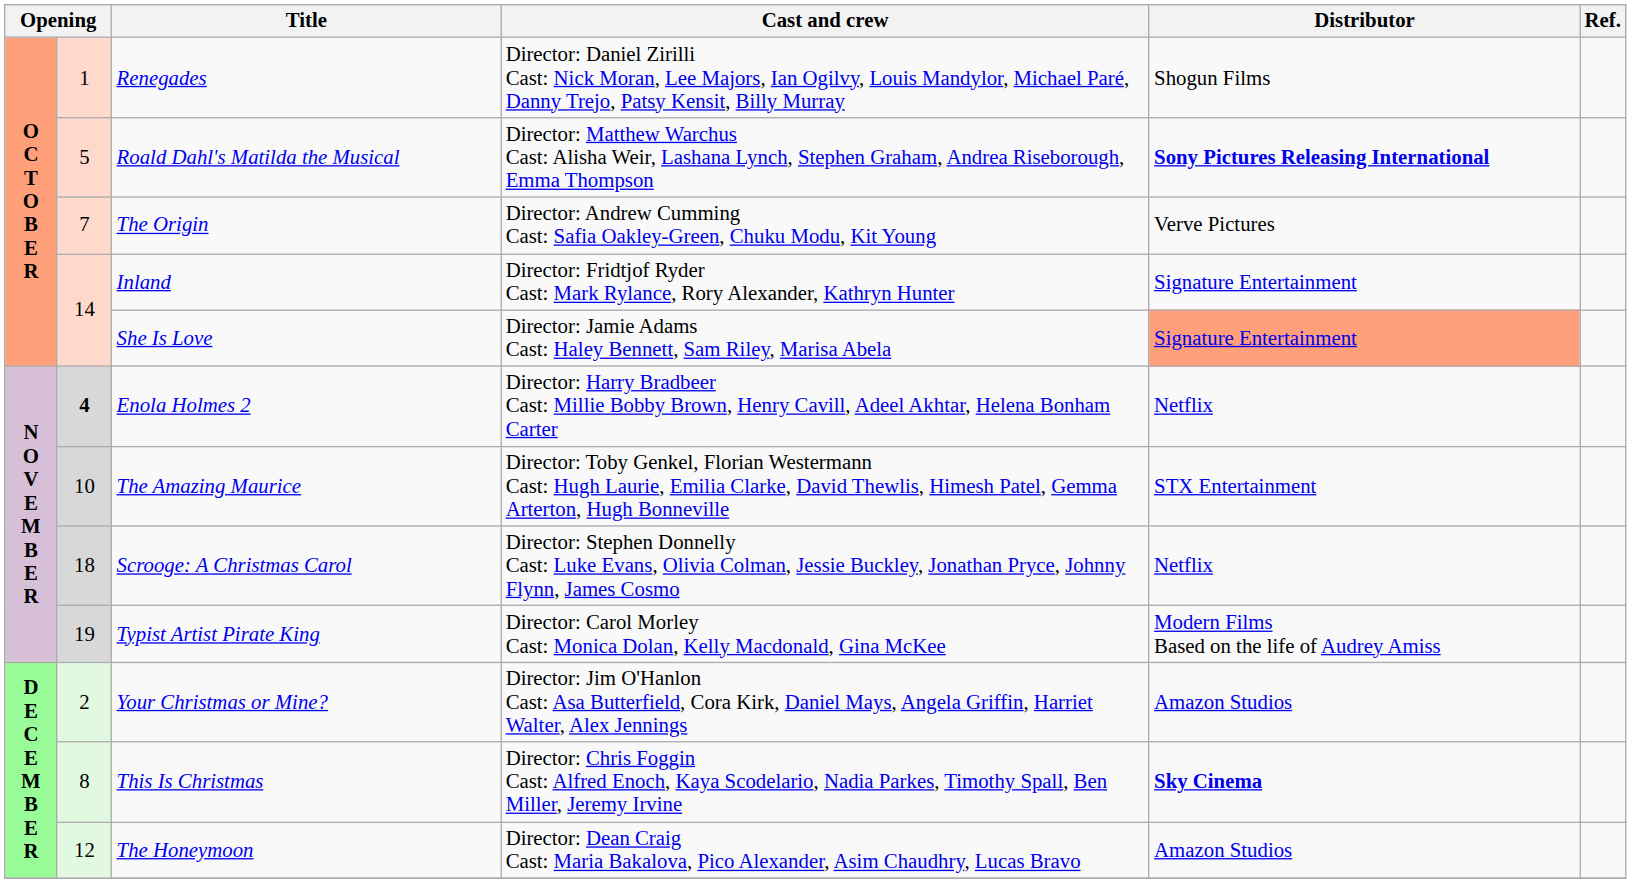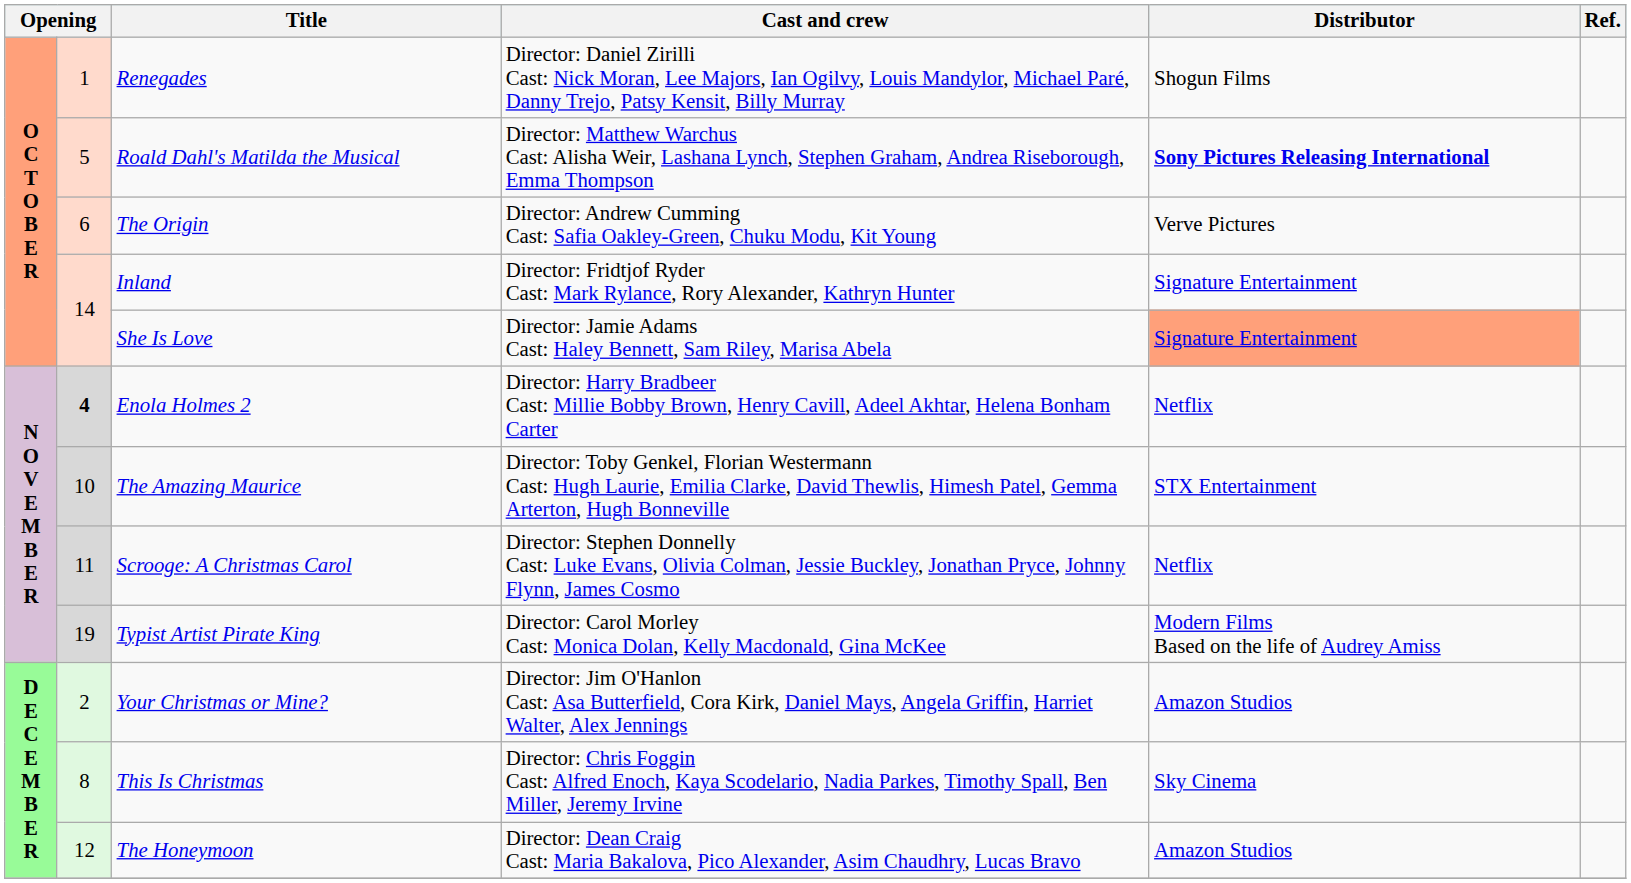 <table class="wikitable">
 <tr style="background:#b0e0e6; text-align:center;">
 <th colspan="2">Opening</th>
 <th style="width:24%;">Title</th>
 <th style="width:40%;">Cast and crew</th>
 <th>Distributor</th>
 <th style="width:2%;">Ref.</th>
 </tr>
 <tr>
 <th rowspan="5" style="text-align:center; background:#ffa07a; textcolor:#000;">O<br>C<br>T<br>O<br>B<br>E<br>R</th>
 <td rowspan="1" style="text-align:center; background:#ffdacc;">1</td>
 <td><em><a href='#'>Renegades</a></em></td>
 <td>Director: Daniel Zirilli <br> Cast: <a href='#'>Nick Moran</a>, <a href='#'>Lee Majors</a>, <a href='#'>Ian Ogilvy</a>, <a href='#'>Louis Mandylor</a>, <a href='#'>Michael Paré</a>, <a href='#'>Danny Trejo</a>, <a href='#'>Patsy Kensit</a>, <a href='#'>Billy Murray</a></td>
 <td>Shogun Films</td>
 <td style="text-align:center"></td>
 </tr>
 <tr>
 <td rowspan="1" style="text-align:center; background:#ffdacc;">5</td>
 <td><em><a href='#'>Roald Dahl's Matilda the Musical</a></em></td>
 <td>Director: <a href='#'>Matthew Warchus</a> <br> Cast: Alisha Weir, <a href='#'>Lashana Lynch</a>, <a href='#'>Stephen Graham</a>, <a href='#'>Andrea Riseborough</a>, <a href='#'>Emma Thompson</a></td>
 <td><strong><a href='#'>Sony Pictures Releasing International</a></strong></td>
 <td></td>
 </tr>
 <tr>
-<td rowspan="1" style="text-align:center; background:#ffdacc;">7</td>
+<td rowspan="1" style="text-align:center; background:#ffdacc;">6</td>
 <td><em><a href='#'>The Origin</a></em></td>
 <td>Director: Andrew Cumming <br> Cast: <a href='#'>Safia Oakley-Green</a>, <a href='#'>Chuku Modu</a>, <a href='#'>Kit Young</a></td>
 <td>Verve Pictures</td>
 <td></td>
 </tr>
 <tr>
 <td rowspan="2" style="text-align:center; background:#ffdacc;">14</td>
 <td><em><a href='#'>Inland</a></em></td>
 <td>Director: Fridtjof Ryder <br> Cast: <a href='#'>Mark Rylance</a>, Rory Alexander, <a href='#'>Kathryn Hunter</a></td>
 <td><a href='#'>Signature Entertainment</a></td>
 <td></td>
 </tr>
 <tr>
 <td><em><a href='#'>She Is Love</a></em></td>
 <td>Director: Jamie Adams <br> Cast: <a href='#'>Haley Bennett</a>, <a href='#'>Sam Riley</a>, <a href='#'>Marisa Abela</a></td>
 <td style="background: lightsalmon;"><a href='#'>Signature Entertainment</a></td>
 <td></td>
 </tr>
 <tr>
 <th rowspan="4" style="text-align:center; background:thistle; textcolor:#000;">N<br>O<br>V<br>E<br>M<br>B<br>E<br>R</th>
 <td rowspan="1" style="text-align:center; background:#d8d8d8;"><strong>4</strong></td>
 <td><em><a href='#'>Enola Holmes 2</a></em></td>
 <td>Director: <a href='#'>Harry Bradbeer</a> <br> Cast: <a href='#'>Millie Bobby Brown</a>, <a href='#'>Henry Cavill</a>, <a href='#'>Adeel Akhtar</a>, <a href='#'>Helena Bonham Carter</a></td>
 <td><a href='#'>Netflix</a></td>
 <td style="text-align:center"></td>
 </tr>
 <tr>
 <td rowspan="1" style="text-align:center; background:#d8d8d8;">10</td>
 <td><em><a href='#'>The Amazing Maurice</a></em></td>
 <td>Director: Toby Genkel, Florian Westermann <br> Cast: <a href='#'>Hugh Laurie</a>, <a href='#'>Emilia Clarke</a>, <a href='#'>David Thewlis</a>, <a href='#'>Himesh Patel</a>, <a href='#'>Gemma Arterton</a>, <a href='#'>Hugh Bonneville</a></td>
 <td><a href='#'>STX Entertainment</a></td>
 <td style="text-align:center"></td>
 </tr>
 <tr>
-<td rowspan="1" style="text-align:center; background:#d8d8d8;">18</td>
+<td rowspan="1" style="text-align:center; background:#d8d8d8;">11</td>
 <td><em><a href='#'>Scrooge: A Christmas Carol</a></em></td>
 <td>Director: Stephen Donnelly <br> Cast: <a href='#'>Luke Evans</a>, <a href='#'>Olivia Colman</a>, <a href='#'>Jessie Buckley</a>, <a href='#'>Jonathan Pryce</a>, <a href='#'>Johnny Flynn</a>, <a href='#'>James Cosmo</a></td>
 <td><a href='#'>Netflix</a></td>
 <td></td>
 </tr>
 <tr>
 <td rowspan="1" style="text-align:center; background:#d8d8d8;">19</td>
 <td><em><a href='#'>Typist Artist Pirate King</a></em></td>
 <td>Director: Carol Morley <br> Cast: <a href='#'>Monica Dolan</a>, <a href='#'>Kelly Macdonald</a>, <a href='#'>Gina McKee</a></td>
 <td><a href='#'>Modern Films</a> <br> Based on the life of <a href='#'>Audrey Amiss</a></td>
 <td></td>
 </tr>
 <tr>
 <th rowspan="3" style="text-align:center; background:#98fb98; textcolor:#000;">D<br>E<br>C<br>E<br>M<br> B<br> E<br> R</th>
 <td rowspan="1" style="text-align:center; background:#e0f9e0;">2</td>
 <td><em><a href='#'>Your Christmas or Mine?</a></em></td>
 <td>Director: Jim O'Hanlon <br> Cast: <a href='#'>Asa Butterfield</a>, Cora Kirk, <a href='#'>Daniel Mays</a>, <a href='#'>Angela Griffin</a>, <a href='#'>Harriet Walter</a>, <a href='#'>Alex Jennings</a></td>
 <td><a href='#'>Amazon Studios</a></td>
 <td></td>
 </tr>
 <tr>
 <td rowspan="1" style="text-align:center; background:#e0f9e0;">8</td>
 <td><em><a href='#'>This Is Christmas</a></em></td>
 <td>Director: <a href='#'>Chris Foggin</a> <br> Cast: <a href='#'>Alfred Enoch</a>, <a href='#'>Kaya Scodelario</a>, <a href='#'>Nadia Parkes</a>, <a href='#'>Timothy Spall</a>, <a href='#'>Ben Miller</a>, <a href='#'>Jeremy Irvine</a></td>
-<td><strong><a href='#'>Sky Cinema</a></strong></td>
+<td><a href='#'>Sky Cinema</a></td>
 <td></td>
 </tr>
 <tr>
 <td rowspan="1" style="text-align:center; background:#e0f9e0;">12</td>
 <td><em><a href='#'>The Honeymoon</a></em></td>
 <td>Director: <a href='#'>Dean Craig</a> <br> Cast: <a href='#'>Maria Bakalova</a>, <a href='#'>Pico Alexander</a>, <a href='#'>Asim Chaudhry</a>, <a href='#'>Lucas Bravo</a></td>
 <td><a href='#'>Amazon Studios</a></td>
 <td style="text-align:center"></td>
 </tr>
 <tr>
 </tr>
 </table>
